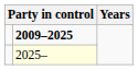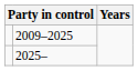 <table class="wikitable">
 <tr>
 <th colspan="2">Party in control</th>
 <th>Years</th>
 </tr>
 <tr>
 <td></td>
-<td><strong>2009–2025</strong></td>
+<td>2009–2025</td>
 </tr>
 <tr>
 <td></td>
-<td style="background: lightyellow;">2025–</td>
+<td>2025–</td>
 </tr>
 </table>
